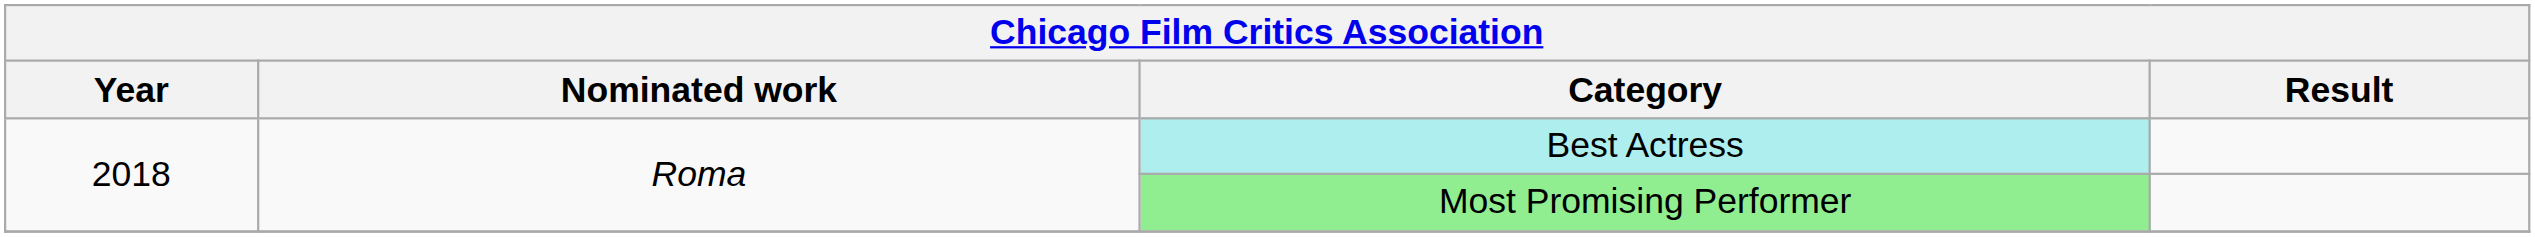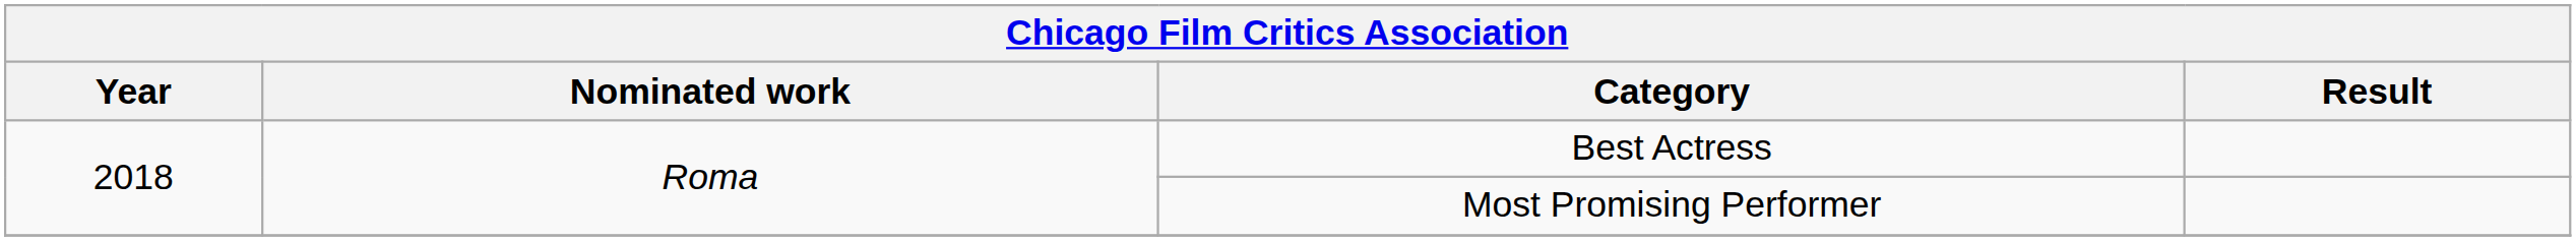 <table style="width:90%;" class="wikitable">
 <tr>
 <th colspan="4" style="text-align:center;"><a href='#'>Chicago Film Critics Association</a></th>
 </tr>
 <tr>
 <th style="width:10%;">Year</th>
 <th style="width:35%;">Nominated work</th>
 <th style="width:40%;">Category</th>
 <th style="width:15%;">Result</th>
 </tr>
 <tr>
 <td rowspan="2" style="text-align:center;">2018</td>
 <td rowspan="2" style="text-align:center;"><em>Roma</em></td>
-<td style="background: paleturquoise; text-align:center;">Best Actress</td>
+<td style="text-align:center;">Best Actress</td>
 <td></td>
 </tr>
 <tr>
-<td style="background: lightgreen; text-align:center;">Most Promising Performer</td>
+<td style="text-align:center;">Most Promising Performer</td>
 <td></td>
 </tr>
 <tr>
 </tr>
 </table>
